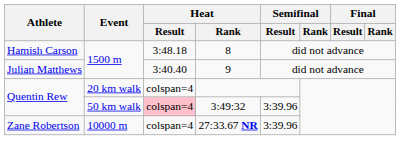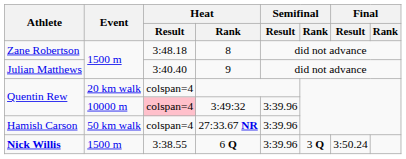 <table class="wikitable" style="font-size:90%">
 <tr>
 <th rowspan="2">Athlete</th>
 <th rowspan="2">Event</th>
 <th colspan="2">Heat</th>
 <th colspan="2">Semifinal</th>
 <th colspan="2">Final</th>
 </tr>
 <tr style="font-size:95%">
 <th>Result</th>
 <th>Rank</th>
 <th>Result</th>
 <th>Rank</th>
 <th>Result</th>
 <th>Rank</th>
 </tr>
 <tr align=center>
-<td align=left><a href='#'>Hamish Carson</a></td>
+<td align=left><a href='#'>Zane Robertson</a></td>
 <td align=left rowspan=2><a href='#'>1500 m</a></td>
 <td>3:48.18</td>
 <td>8</td>
 <td colspan="4">did not advance</td>
 </tr>
 <tr align=center>
 <td align=left><a href='#'>Julian Matthews</a></td>
 <td>3:40.40</td>
 <td>9</td>
 <td colspan="4">did not advance</td>
 </tr>
 <tr align=center>
 <td align=left rowspan=2><a href='#'>Quentin Rew</a></td>
 <td align=left><a href='#'>20 km walk</a></td>
 <td>colspan=4 </td>
 <td colspan=2></td>
 </tr>
 <tr align=center>
-<td align=left><a href='#'>50 km walk</a></td>
+<td align=left><a href='#'>10000 m</a></td>
 <td style="background: pink;">colspan=4 </td>
 <td>3:49:32</td>
 <td>3:39.96</td>
 </tr>
 <tr align=center>
-<td align=left><a href='#'>Zane Robertson</a></td>
-<td align=left><a href='#'>10000 m</a></td>
+<td align=left><a href='#'>Hamish Carson</a></td>
+<td align=left><a href='#'>50 km walk</a></td>
 <td>colspan=4 </td>
 <td>27:33.67 <strong><a href='#'>NR</a></strong></td>
 <td>3:39.96</td>
 </tr>
+<tr align=center>
+<td align=left><strong><a href='#'>Nick Willis</a></strong></td>
+<td align=left><a href='#'>1500 m</a></td>
+<td>3:38.55</td>
+<td>6 <strong>Q</strong></td>
+<td>3:39.96</td>
+<td>3 <strong>Q</strong></td>
+<td>3:50.24</td>
+<td></td>
+</tr>
 </table>
